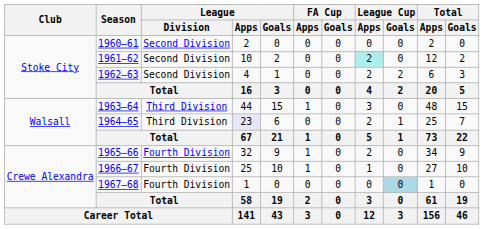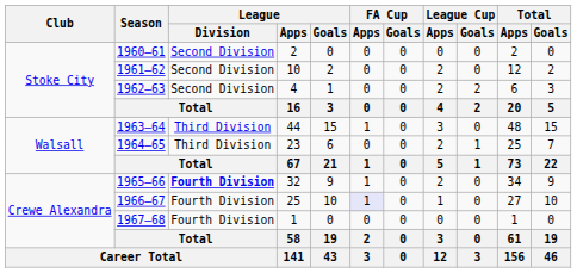 <table class="wikitable" style="text-align: center;">
 <tr>
 <th rowspan="2">Club</th>
 <th rowspan="2">Season</th>
 <th colspan="3">League</th>
 <th colspan="2">FA Cup</th>
 <th colspan="2">League Cup</th>
 <th colspan="2">Total</th>
 </tr>
 <tr>
 <th>Division</th>
 <th>Apps</th>
 <th>Goals</th>
 <th>Apps</th>
 <th>Goals</th>
 <th>Apps</th>
 <th>Goals</th>
 <th>Apps</th>
 <th>Goals</th>
 </tr>
 <tr>
 <td rowspan="4"><a href='#'>Stoke City</a></td>
 <td><a href='#'>1960–61</a></td>
 <td><a href='#'>Second Division</a></td>
 <td>2</td>
 <td>0</td>
 <td>0</td>
 <td>0</td>
 <td>0</td>
 <td>0</td>
 <td>2</td>
 <td>0</td>
 </tr>
 <tr>
 <td><a href='#'>1961–62</a></td>
 <td>Second Division</td>
 <td>10</td>
 <td>2</td>
 <td>0</td>
 <td>0</td>
-<td style="background: paleturquoise;">2</td>
+<td>2</td>
 <td>0</td>
 <td>12</td>
 <td>2</td>
 </tr>
 <tr>
 <td><a href='#'>1962–63</a></td>
 <td>Second Division</td>
 <td>4</td>
 <td>1</td>
 <td>0</td>
 <td>0</td>
 <td>2</td>
 <td>2</td>
 <td>6</td>
 <td>3</td>
 </tr>
 <tr>
 <th colspan=2>Total</th>
 <th>16</th>
 <th>3</th>
 <th>0</th>
 <th>0</th>
 <th>4</th>
 <th>2</th>
 <th>20</th>
 <th>5</th>
 </tr>
 <tr>
 <td rowspan="3"><a href='#'>Walsall</a></td>
 <td><a href='#'>1963–64</a></td>
 <td><a href='#'>Third Division</a></td>
 <td>44</td>
 <td>15</td>
 <td>1</td>
 <td>0</td>
 <td>3</td>
 <td>0</td>
 <td>48</td>
 <td>15</td>
 </tr>
 <tr>
 <td><a href='#'>1964–65</a></td>
 <td>Third Division</td>
-<td style="background: lavender;">23</td>
+<td>23</td>
 <td>6</td>
 <td>0</td>
 <td>0</td>
 <td>2</td>
 <td>1</td>
 <td>25</td>
 <td>7</td>
 </tr>
 <tr>
 <th colspan=2>Total</th>
 <th>67</th>
 <th>21</th>
 <th>1</th>
 <th>0</th>
 <th>5</th>
 <th>1</th>
 <th>73</th>
 <th>22</th>
 </tr>
 <tr>
 <td rowspan="4"><a href='#'>Crewe Alexandra</a></td>
 <td><a href='#'>1965–66</a></td>
-<td><a href='#'>Fourth Division</a></td>
+<td><strong><a href='#'>Fourth Division</a></strong></td>
 <td>32</td>
 <td>9</td>
 <td>1</td>
 <td>0</td>
 <td>2</td>
 <td>0</td>
 <td>34</td>
 <td>9</td>
 </tr>
 <tr>
 <td><a href='#'>1966–67</a></td>
 <td>Fourth Division</td>
 <td>25</td>
 <td>10</td>
-<td>1</td>
+<td style="background: lavender;">1</td>
 <td>0</td>
 <td>1</td>
 <td>0</td>
 <td>27</td>
 <td>10</td>
 </tr>
 <tr>
 <td><a href='#'>1967–68</a></td>
 <td>Fourth Division</td>
 <td>1</td>
 <td>0</td>
 <td>0</td>
 <td>0</td>
 <td>0</td>
-<td style="background: lightblue;">0</td>
+<td>0</td>
 <td>1</td>
 <td>0</td>
 </tr>
 <tr>
 <th colspan=2>Total</th>
 <th>58</th>
 <th>19</th>
 <th>2</th>
 <th>0</th>
 <th>3</th>
 <th>0</th>
 <th>61</th>
 <th>19</th>
 </tr>
 <tr>
 <th colspan="3">Career Total</th>
 <th>141</th>
 <th>43</th>
 <th>3</th>
 <th>0</th>
 <th>12</th>
 <th>3</th>
 <th>156</th>
 <th>46</th>
 </tr>
 </table>
